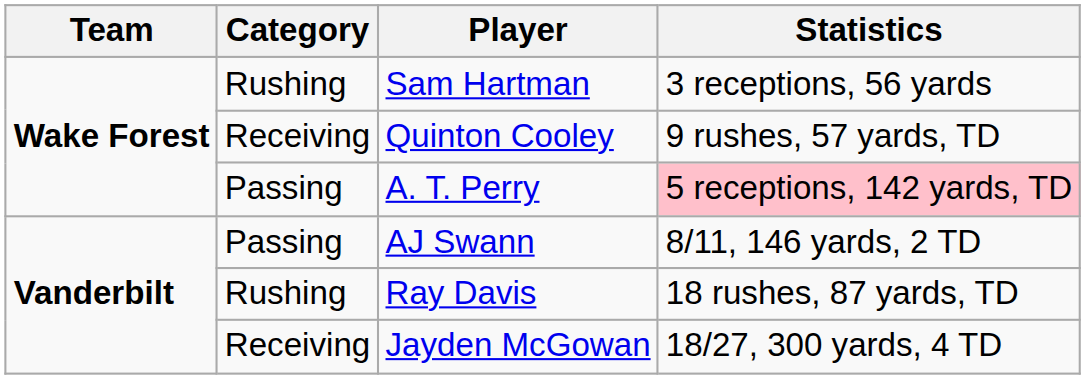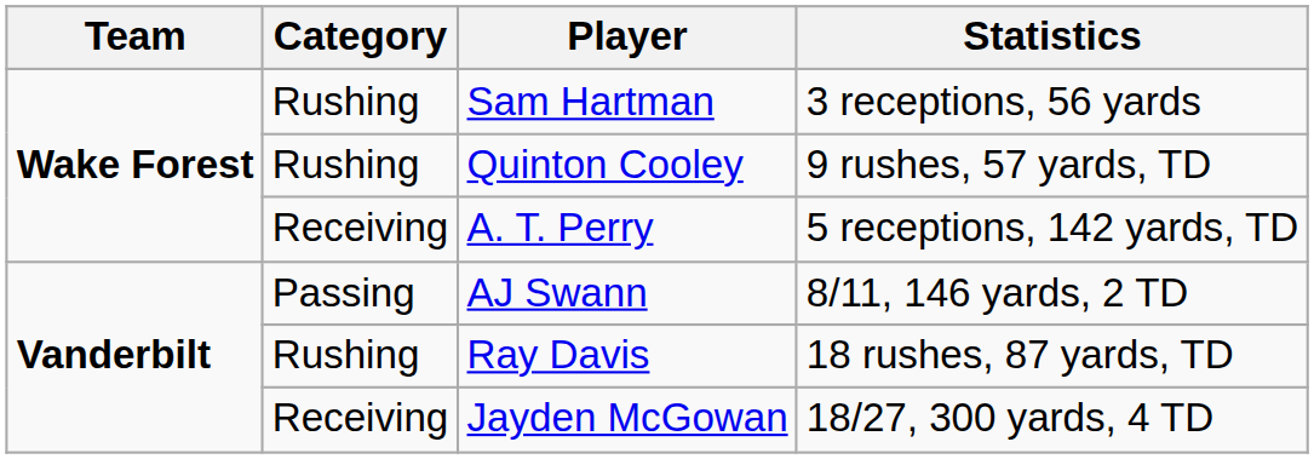 <table class="wikitable" style="float: right;">
 <tr>
 <th>Team</th>
 <th>Category</th>
 <th>Player</th>
 <th>Statistics</th>
 </tr>
 <tr>
 <td rowspan=3><strong>Wake Forest</strong></td>
 <td>Rushing</td>
 <td><a href='#'>Sam Hartman</a></td>
 <td>3 receptions, 56 yards</td>
 </tr>
 <tr>
-<td>Receiving</td>
+<td>Rushing</td>
 <td><a href='#'>Quinton Cooley</a></td>
 <td>9 rushes, 57 yards, TD</td>
 </tr>
 <tr>
-<td>Passing</td>
+<td>Receiving</td>
 <td><a href='#'>A. T. Perry</a></td>
-<td style="background: pink;">5 receptions, 142 yards, TD</td>
+<td>5 receptions, 142 yards, TD</td>
 </tr>
 <tr>
 <td rowspan=3><strong>Vanderbilt</strong></td>
 <td>Passing</td>
 <td><a href='#'>AJ Swann</a></td>
 <td>8/11, 146 yards, 2 TD</td>
 </tr>
 <tr>
 <td>Rushing</td>
 <td><a href='#'>Ray Davis</a></td>
 <td>18 rushes, 87 yards, TD</td>
 </tr>
 <tr>
 <td>Receiving</td>
 <td><a href='#'>Jayden McGowan</a></td>
 <td>18/27, 300 yards, 4 TD</td>
 </tr>
 </table>
